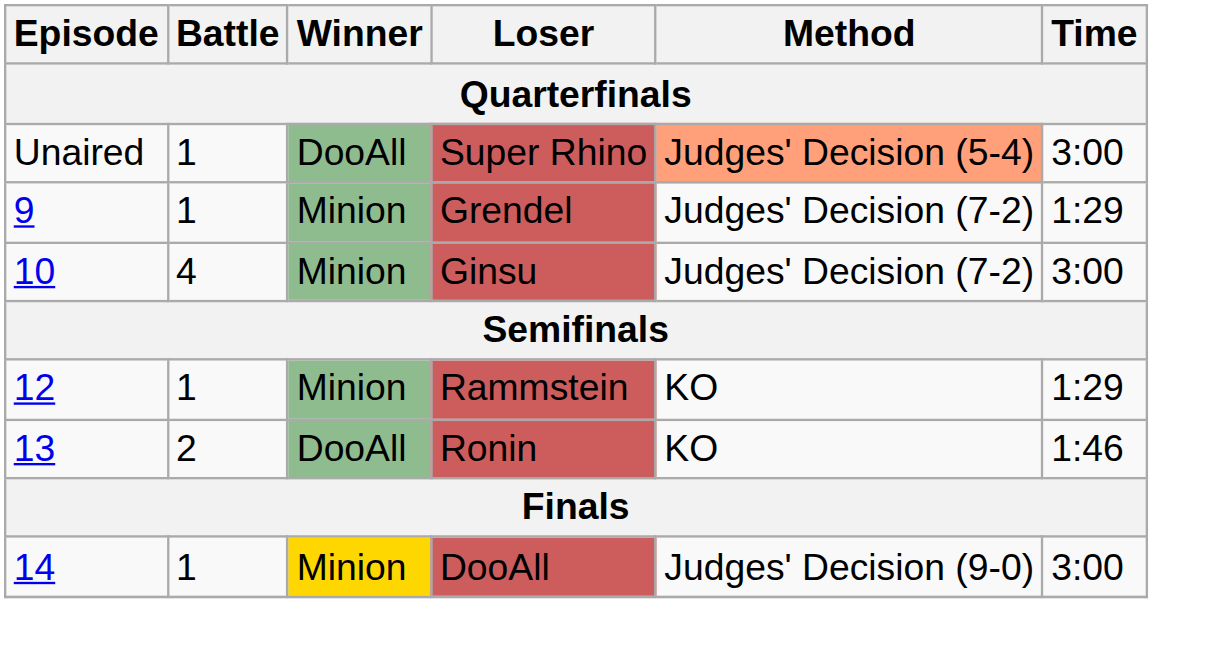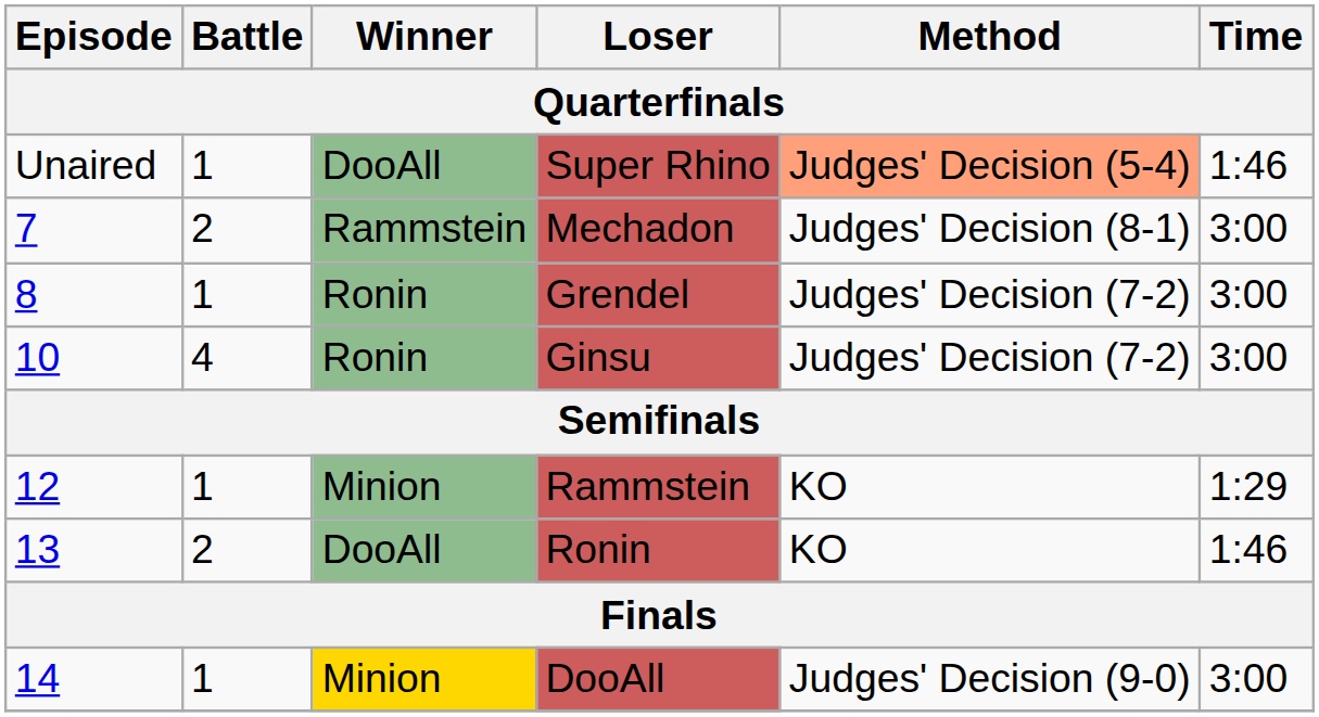 <table class="wikitable">
 <tr>
 <th>Episode</th>
 <th>Battle</th>
 <th>Winner</th>
 <th>Loser</th>
 <th>Method</th>
 <th>Time</th>
 </tr>
 <tr>
 <th colspan="6">Quarterfinals</th>
 </tr>
 <tr>
 <td>Unaired</td>
 <td>1</td>
 <td style="background:DarkSeaGreen;">DooAll</td>
 <td style="background:IndianRed;">Super Rhino</td>
 <td style="background: lightsalmon;">Judges' Decision (5-4)</td>
+<td>1:46</td>
+</tr>
+<tr>
+<td><a href='#'>7</a></td>
+<td>2</td>
+<td style="background:DarkSeaGreen;">Rammstein</td>
+<td style="background:IndianRed;">Mechadon</td>
+<td>Judges' Decision (8-1)</td>
 <td>3:00</td>
 </tr>
 <tr>
-<td><a href='#'>9</a></td>
+<td><a href='#'>8</a></td>
 <td>1</td>
-<td style="background:DarkSeaGreen;">Minion</td>
+<td style="background:DarkSeaGreen;">Ronin</td>
 <td style="background:IndianRed;">Grendel</td>
 <td>Judges' Decision (7-2)</td>
-<td>1:29</td>
+<td>3:00</td>
 </tr>
 <tr>
 <td><a href='#'>10</a></td>
 <td>4</td>
-<td style="background:DarkSeaGreen;">Minion</td>
+<td style="background:DarkSeaGreen;">Ronin</td>
 <td style="background:IndianRed;">Ginsu</td>
 <td>Judges' Decision (7-2)</td>
 <td>3:00</td>
 </tr>
 <tr>
 <th colspan="6">Semifinals</th>
 </tr>
 <tr>
 <td><a href='#'>12</a></td>
 <td>1</td>
 <td style="background:DarkSeaGreen;">Minion</td>
 <td style="background:IndianRed;">Rammstein</td>
 <td>KO</td>
 <td>1:29</td>
 </tr>
 <tr>
 <td><a href='#'>13</a></td>
 <td>2</td>
 <td style="background:DarkSeaGreen;">DooAll</td>
 <td style="background:IndianRed;">Ronin</td>
 <td>KO</td>
 <td>1:46</td>
 </tr>
 <tr>
 <th colspan="6">Finals</th>
 </tr>
 <tr>
 <td><a href='#'>14</a></td>
 <td>1</td>
 <td style="background:Gold;">Minion</td>
 <td style="background:IndianRed;">DooAll</td>
 <td>Judges' Decision (9-0)</td>
 <td>3:00</td>
 </tr>
 <tr>
 </tr>
 </table>
